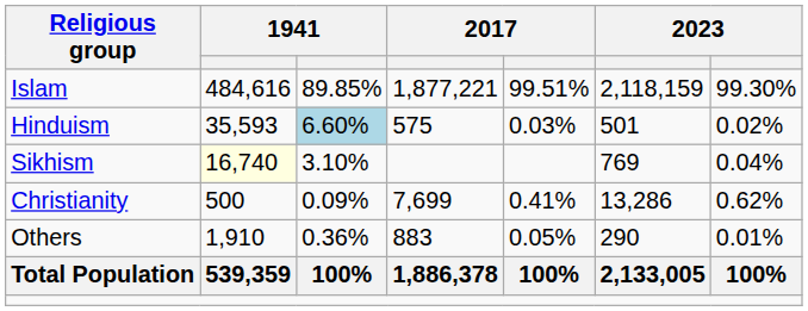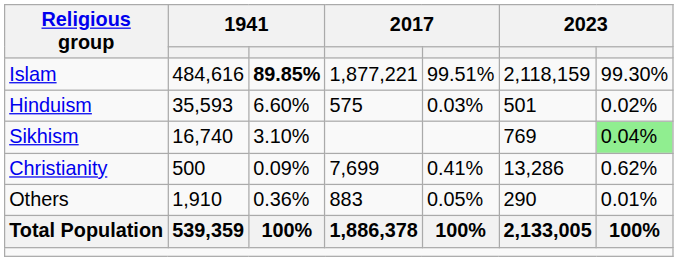 <table class="wikitable sortable">
 <tr>
 <th rowspan="2"><a href='#'>Religious</a><br>group</th>
 <th colspan="2">1941</th>
 <th colspan="2">2017</th>
 <th colspan="2">2023</th>
 </tr>
 <tr>
 <th><a href='#'></a></th>
 <th></th>
 <th></th>
 <th></th>
 <th></th>
 <th></th>
 </tr>
 <tr>
 <td><a href='#'>Islam</a> </td>
 <td>484,616</td>
-<td>89.85%</td>
+<td><strong>89.85%</strong></td>
 <td>1,877,221</td>
 <td>99.51%</td>
 <td>2,118,159</td>
 <td>99.30%</td>
 </tr>
 <tr>
 <td><a href='#'>Hinduism</a> </td>
 <td>35,593</td>
-<td style="background: lightblue;">6.60%</td>
+<td>6.60%</td>
 <td>575</td>
 <td>0.03%</td>
 <td>501</td>
 <td>0.02%</td>
 </tr>
 <tr>
 <td><a href='#'>Sikhism</a> </td>
-<td style="background: lightyellow;">16,740</td>
+<td>16,740</td>
 <td>3.10%</td>
 <td></td>
 <td></td>
 <td>769</td>
-<td>0.04%</td>
+<td style="background: lightgreen;">0.04%</td>
 </tr>
 <tr>
 <td><a href='#'>Christianity</a> </td>
 <td>500</td>
 <td>0.09%</td>
 <td>7,699</td>
 <td>0.41%</td>
 <td>13,286</td>
 <td>0.62%</td>
 </tr>
 <tr>
 <td>Others</td>
 <td>1,910</td>
 <td>0.36%</td>
 <td>883</td>
 <td>0.05%</td>
 <td>290</td>
 <td>0.01%</td>
 </tr>
 <tr>
 <th>Total Population</th>
 <th>539,359</th>
 <th>100%</th>
 <th>1,886,378</th>
 <th>100%</th>
 <th>2,133,005</th>
 <th>100%</th>
 </tr>
 <tr class="sortbottom">
 <td colspan="7"></td>
 </tr>
 </table>
